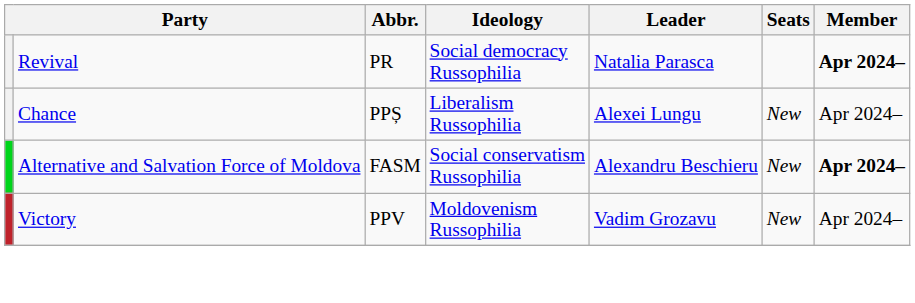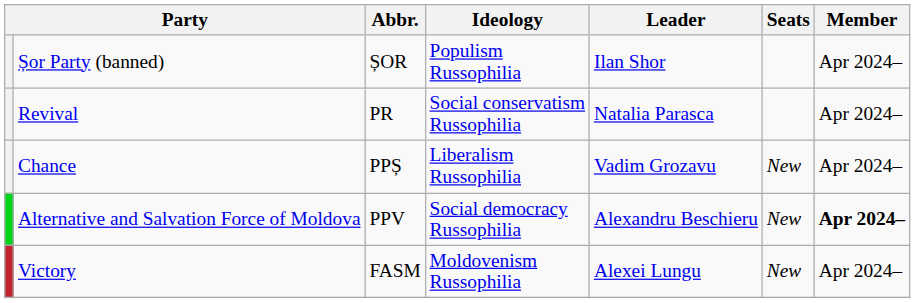 <table class="wikitable" style="text-align:left;">
 <tr>
 <th colspan=2>Party</th>
 <th>Abbr.</th>
 <th>Ideology</th>
 <th>Leader</th>
 <th>Seats</th>
 <th>Member</th>
 </tr>
 <tr>
 <th style="background-color:"></th>
+<td><a href='#'>Șor Party</a> (banned)</td>
+<td>ȘOR</td>
+<td><a href='#'>Populism</a><br><a href='#'>Russophilia</a></td>
+<td><a href='#'>Ilan Shor</a></td>
+<td></td>
+<td>Apr 2024–</td>
+</tr>
+<tr>
+<th style="background-color:"></th>
 <td><a href='#'>Revival</a></td>
 <td>PR</td>
-<td><a href='#'>Social democracy</a><br><a href='#'>Russophilia</a></td>
+<td><a href='#'>Social conservatism</a><br><a href='#'>Russophilia</a></td>
 <td><a href='#'>Natalia Parasca</a></td>
 <td></td>
-<td><strong>Apr 2024–</strong></td>
+<td>Apr 2024–</td>
 </tr>
 <tr>
 <th style="background-color:"></th>
 <td><a href='#'>Chance</a></td>
 <td>PPȘ</td>
 <td><a href='#'>Liberalism</a><br><a href='#'>Russophilia</a></td>
-<td><a href='#'>Alexei Lungu</a></td>
+<td><a href='#'>Vadim Grozavu</a></td>
 <td><em>New</em></td>
 <td>Apr 2024–</td>
 </tr>
 <tr>
 <th style="background-color:#00D51B;"></th>
 <td><a href='#'>Alternative and Salvation Force of Moldova</a></td>
-<td>FASM</td>
-<td><a href='#'>Social conservatism</a><br><a href='#'>Russophilia</a></td>
+<td>PPV</td>
+<td><a href='#'>Social democracy</a><br><a href='#'>Russophilia</a></td>
 <td><a href='#'>Alexandru Beschieru</a></td>
 <td><em>New</em></td>
 <td><strong>Apr 2024–</strong></td>
 </tr>
 <tr>
 <th style="background-color:#BF222B;"></th>
 <td><a href='#'>Victory</a></td>
-<td>PPV</td>
+<td>FASM</td>
 <td><a href='#'>Moldovenism</a><br><a href='#'>Russophilia</a></td>
-<td><a href='#'>Vadim Grozavu</a></td>
+<td><a href='#'>Alexei Lungu</a></td>
 <td><em>New</em></td>
 <td>Apr 2024–</td>
 </tr>
 <tr>
 </tr>
 </table>
